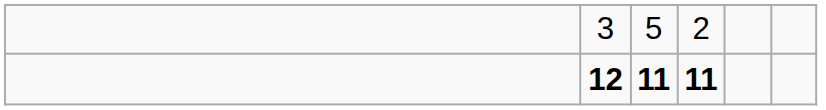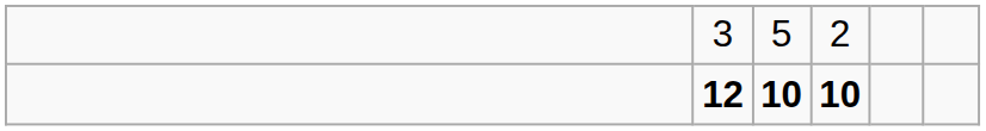 <table class="wikitable">
 <tr>
 <td style="width:18em"></td>
 <td align=center style="width:1em">3</td>
 <td align=center style="width:1em">5</td>
 <td align=center style="width:1em">2</td>
 <td align=center style="width:1em"></td>
 <td align=center style="width:1em"></td>
 </tr>
 <tr>
 <td style="width:18em"><strong></strong></td>
 <td align=center style="width:1em"><strong>12</strong></td>
-<td align=center style="width:1em"><strong>11</strong></td>
-<td align=center style="width:1em"><strong>11</strong></td>
+<td align=center style="width:1em"><strong>10</strong></td>
+<td align=center style="width:1em"><strong>10</strong></td>
 <td align=center style="width:1em"></td>
 <td align=center style="width:1em"></td>
 </tr>
 </table>
